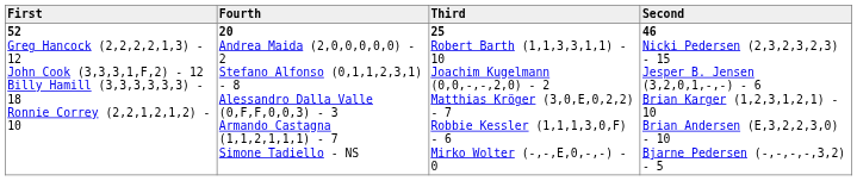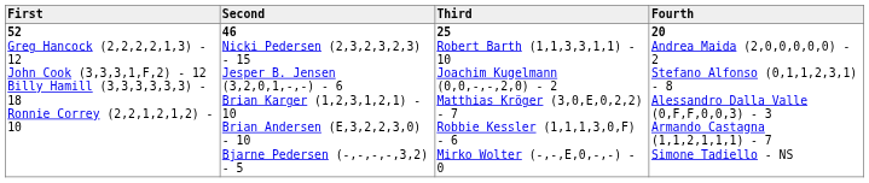 <table border=1 cellpadding=2 cellspacing=0 width=75% style="border-collapse:collapse">
 <tr align=left style="background:#efefef;">
 <th width=20%>First</th>
+<th width=20%>Second</th>
+<th width=20%>Third</th>
 <th width=20%>Fourth</th>
-<th width=20%>Third</th>
-<th width=20%>Second</th>
 </tr>
 <tr align=left>
 <td valign=top><strong> 52</strong><br><a href='#'>Greg Hancock</a> (2,2,2,2,1,3) - 12<br><a href='#'>John Cook</a> (3,3,3,1,F,2) - 12<br><a href='#'>Billy Hamill</a> (3,3,3,3,3,3) - 18<br><a href='#'>Ronnie Correy</a> (2,2,1,2,1,2) - 10</td>
+<td valign=top><strong> 46</strong><br><a href='#'>Nicki Pedersen</a> (2,3,2,3,2,3) - 15<br><a href='#'>Jesper B. Jensen</a> (3,2,0,1,-,-) - 6<br><a href='#'>Brian Karger</a> (1,2,3,1,2,1) - 10<br><a href='#'>Brian Andersen</a> (E,3,2,2,3,0) - 10<br><a href='#'>Bjarne Pedersen</a> (-,-,-,-,3,2) - 5</td>
+<td valign=top><strong> 25</strong><br><a href='#'>Robert Barth</a> (1,1,3,3,1,1) - 10<br><a href='#'>Joachim Kugelmann</a> (0,0,-,-,2,0) - 2<br><a href='#'>Matthias Kröger</a> (3,0,E,0,2,2) - 7<br><a href='#'>Robbie Kessler</a> (1,1,1,3,0,F) - 6<br><a href='#'>Mirko Wolter</a> (-,-,E,0,-,-) - 0</td>
 <td valign=top><strong> 20</strong><br><a href='#'>Andrea Maida</a> (2,0,0,0,0,0) - 2<br><a href='#'>Stefano Alfonso</a> (0,1,1,2,3,1) - 8<br><a href='#'>Alessandro Dalla Valle</a> (0,F,F,0,0,3) - 3<br><a href='#'>Armando Castagna</a> (1,1,2,1,1,1) - 7<br><a href='#'>Simone Tadiello</a> - NS</td>
-<td valign=top><strong> 25</strong><br><a href='#'>Robert Barth</a> (1,1,3,3,1,1) - 10<br><a href='#'>Joachim Kugelmann</a> (0,0,-,-,2,0) - 2<br><a href='#'>Matthias Kröger</a> (3,0,E,0,2,2) - 7<br><a href='#'>Robbie Kessler</a> (1,1,1,3,0,F) - 6<br><a href='#'>Mirko Wolter</a> (-,-,E,0,-,-) - 0</td>
-<td valign=top><strong> 46</strong><br><a href='#'>Nicki Pedersen</a> (2,3,2,3,2,3) - 15<br><a href='#'>Jesper B. Jensen</a> (3,2,0,1,-,-) - 6<br><a href='#'>Brian Karger</a> (1,2,3,1,2,1) - 10<br><a href='#'>Brian Andersen</a> (E,3,2,2,3,0) - 10<br><a href='#'>Bjarne Pedersen</a> (-,-,-,-,3,2) - 5</td>
 </tr>
 </table>
